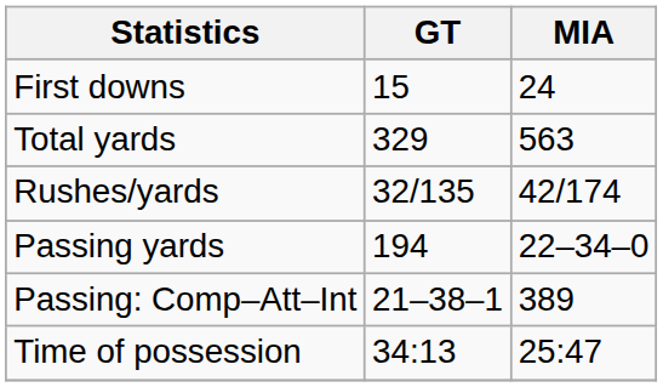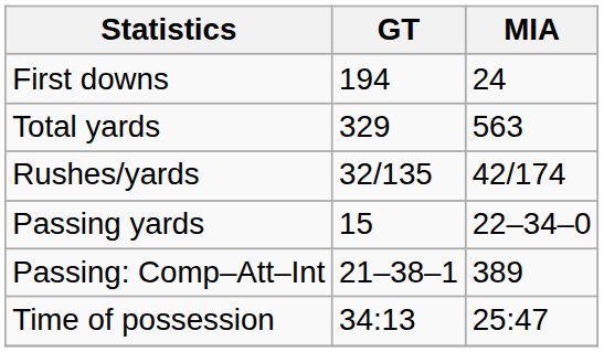 <table class="wikitable" style="float: left;">
 <tr>
 <th>Statistics</th>
 <th>GT</th>
 <th>MIA</th>
 </tr>
 <tr>
 <td>First downs</td>
-<td>15</td>
+<td>194</td>
 <td>24</td>
 </tr>
 <tr>
 <td>Total yards</td>
 <td>329</td>
 <td>563</td>
 </tr>
 <tr>
 <td>Rushes/yards</td>
 <td>32/135</td>
 <td>42/174</td>
 </tr>
 <tr>
 <td>Passing yards</td>
-<td>194</td>
+<td>15</td>
 <td>22–34–0</td>
 </tr>
 <tr>
 <td>Passing: Comp–Att–Int</td>
 <td>21–38–1</td>
 <td>389</td>
 </tr>
 <tr>
 <td>Time of possession</td>
 <td>34:13</td>
 <td>25:47</td>
 </tr>
 <tr>
 </tr>
 </table>
